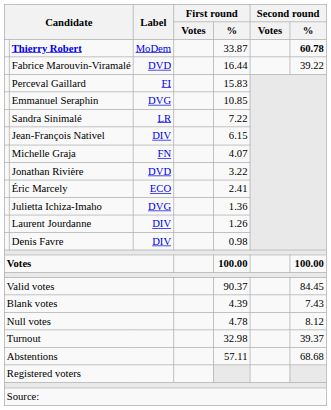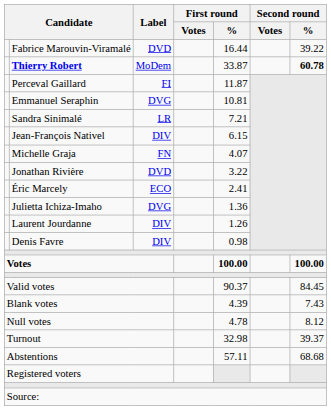 <table class="wikitable" style="text-align:right;font-size:95%;">
 <tr>
 <th rowspan="2" colspan="2">Candidate</th>
 <th rowspan="2">Label</th>
 <th colspan="2">First round</th>
 <th colspan="2">Second round</th>
 </tr>
 <tr>
 <th style="width:50px;">Votes</th>
 <th style="width:45px;">%</th>
 <th style="width:50px;">Votes</th>
 <th style="width:45px;">%</th>
 </tr>
 <tr>
 <td style="color:inherit;background:"></td>
+<td style="text-align:left;">Fabrice Marouvin-Viramalé</td>
+<td><a href='#'>DVD</a></td>
+<td></td>
+<td>16.44</td>
+<td></td>
+<td>39.22</td>
+</tr>
+<tr>
+<td style="color:inherit;background:"></td>
 <td style="text-align:left;"><strong><a href='#'>Thierry Robert</a></strong></td>
 <td><a href='#'>MoDem</a></td>
 <td></td>
 <td>33.87</td>
 <td><strong></strong></td>
 <td><strong>60.78</strong></td>
 </tr>
 <tr>
 <td style="color:inherit;background:"></td>
-<td style="text-align:left;">Fabrice Marouvin-Viramalé</td>
-<td><a href='#'>DVD</a></td>
-<td></td>
-<td>16.44</td>
-<td></td>
-<td>39.22</td>
-</tr>
-<tr>
-<td style="color:inherit;background:"></td>
 <td style="text-align:left;">Perceval Gaillard</td>
 <td><a href='#'>FI</a></td>
 <td></td>
-<td>15.83</td>
+<td>11.87</td>
 <td colspan="2" rowspan="10" style="background:#E9E9E9;"></td>
 </tr>
 <tr>
 <td style="color:inherit;background:"></td>
 <td style="text-align:left;">Emmanuel Seraphin</td>
 <td><a href='#'>DVG</a></td>
 <td></td>
-<td>10.85</td>
+<td>10.81</td>
 </tr>
 <tr>
 <td style="color:inherit;background:"></td>
 <td style="text-align:left;">Sandra Sinimalé</td>
 <td><a href='#'>LR</a></td>
 <td></td>
-<td>7.22</td>
+<td>7.21</td>
 </tr>
 <tr>
 <td style="color:inherit;background:"></td>
 <td style="text-align:left;">Jean-François Nativel</td>
 <td><a href='#'>DIV</a></td>
 <td></td>
 <td>6.15</td>
 </tr>
 <tr>
 <td style="color:inherit;background:"></td>
 <td style="text-align:left;">Michelle Graja</td>
 <td><a href='#'>FN</a></td>
 <td></td>
 <td>4.07</td>
 </tr>
 <tr>
 <td style="color:inherit;background:"></td>
 <td style="text-align:left;">Jonathan Rivière</td>
 <td><a href='#'>DVD</a></td>
 <td></td>
 <td>3.22</td>
 </tr>
 <tr>
 <td style="color:inherit;background:"></td>
 <td style="text-align:left;">Éric Marcely</td>
 <td><a href='#'>ECO</a></td>
 <td></td>
 <td>2.41</td>
 </tr>
 <tr>
 <td style="color:inherit;background:"></td>
 <td style="text-align:left;">Julietta Ichiza-Imaho</td>
 <td><a href='#'>DVG</a></td>
 <td></td>
 <td>1.36</td>
 </tr>
 <tr>
 <td style="color:inherit;background:"></td>
 <td style="text-align:left;">Laurent Jourdanne</td>
 <td><a href='#'>DIV</a></td>
 <td></td>
 <td>1.26</td>
 </tr>
 <tr>
 <td style="color:inherit;background:"></td>
 <td style="text-align:left;">Denis Favre</td>
 <td><a href='#'>DIV</a></td>
 <td></td>
 <td>0.98</td>
 </tr>
 <tr>
 <td colspan="7" style="background:#E9E9E9;"></td>
 </tr>
 <tr style="font-weight:bold;">
 <td colspan="3" style="text-align:left;">Votes</td>
 <td></td>
 <td>100.00</td>
 <td></td>
 <td>100.00</td>
 </tr>
 <tr>
 <td colspan="7" style="background:#E9E9E9;"></td>
 </tr>
 <tr>
 <td colspan="3" style="text-align:left;">Valid votes</td>
 <td></td>
 <td>90.37</td>
 <td></td>
 <td>84.45</td>
 </tr>
 <tr>
 <td colspan="3" style="text-align:left;">Blank votes</td>
 <td></td>
 <td>4.39</td>
 <td></td>
 <td>7.43</td>
 </tr>
 <tr>
 <td colspan="3" style="text-align:left;">Null votes</td>
 <td></td>
 <td>4.78</td>
 <td></td>
 <td>8.12</td>
 </tr>
 <tr>
 <td colspan="3" style="text-align:left;">Turnout</td>
 <td></td>
 <td>32.98</td>
 <td></td>
 <td>39.37</td>
 </tr>
 <tr>
 <td colspan="3" style="text-align:left;">Abstentions</td>
 <td></td>
 <td>57.11</td>
 <td></td>
 <td>68.68</td>
 </tr>
 <tr>
 <td colspan="3" style="text-align:left;">Registered voters</td>
 <td></td>
 <td style="background:#E9E9E9;"></td>
 <td></td>
 <td style="background:#E9E9E9;"></td>
 </tr>
 <tr>
 <td colspan="7" style="background:#E9E9E9;"></td>
 </tr>
 <tr>
 <td colspan="7" style="text-align:left;">Source: </td>
 </tr>
 </table>
